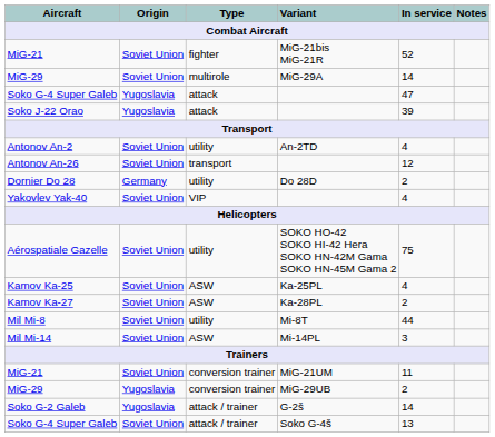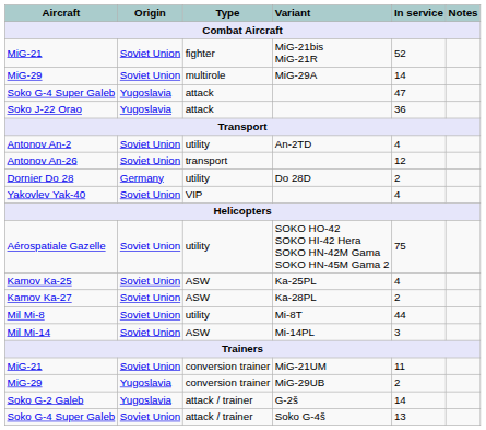 <table class="wikitable">
 <tr>
 <th style="text-align:center; background:#acc;">Aircraft</th>
 <th style="text-align: center; background:#acc;">Origin</th>
 <th style="text-align:l center; background:#acc;">Type</th>
 <th style="text-align:left; background:#acc;">Variant</th>
 <th style="text-align:center; background:#acc;">In service</th>
 <th style="text-align: center; background:#acc;">Notes</th>
 </tr>
 <tr>
 <th colspan="6" style="align: center; background: lavender;">Combat Aircraft</th>
 </tr>
 <tr>
 <td><a href='#'>MiG-21</a></td>
 <td><a href='#'>Soviet Union</a></td>
 <td>fighter</td>
 <td>MiG-21bis<br>MiG-21R</td>
 <td>52</td>
 <td></td>
 </tr>
 <tr>
 <td><a href='#'>MiG-29</a></td>
 <td><a href='#'>Soviet Union</a></td>
 <td>multirole</td>
 <td>MiG-29A</td>
 <td>14</td>
 <td></td>
 </tr>
 <tr>
 <td><a href='#'>Soko G-4 Super Galeb</a></td>
 <td><a href='#'>Yugoslavia</a></td>
 <td>attack</td>
 <td></td>
 <td>47</td>
 <td></td>
 </tr>
 <tr>
 <td><a href='#'>Soko J-22 Orao</a></td>
 <td><a href='#'>Yugoslavia</a></td>
 <td>attack</td>
 <td></td>
-<td>39</td>
+<td>36</td>
 <td></td>
 </tr>
 <tr>
 <th colspan="6" style="align: center; background: lavender;">Transport</th>
 </tr>
 <tr>
 <td><a href='#'>Antonov An-2</a></td>
 <td><a href='#'>Soviet Union</a></td>
 <td>utility</td>
 <td>An-2TD</td>
 <td>4</td>
 <td></td>
 </tr>
 <tr>
 <td><a href='#'>Antonov An-26</a></td>
 <td><a href='#'>Soviet Union</a></td>
 <td>transport</td>
 <td></td>
 <td>12</td>
 <td></td>
 </tr>
 <tr>
 <td><a href='#'>Dornier Do 28</a></td>
 <td><a href='#'>Germany</a></td>
 <td>utility</td>
 <td>Do 28D</td>
 <td>2</td>
 <td></td>
 </tr>
 <tr>
 <td><a href='#'>Yakovlev Yak-40</a></td>
 <td><a href='#'>Soviet Union</a></td>
 <td>VIP</td>
 <td></td>
 <td>4</td>
 <td></td>
 </tr>
 <tr>
 <th colspan="6" style="align: center; background: lavender;">Helicopters</th>
 </tr>
 <tr>
 <td><a href='#'>Aérospatiale Gazelle</a></td>
 <td><a href='#'>Soviet Union</a></td>
 <td>utility</td>
 <td>SOKO HO-42<br>SOKO HI-42 Hera<br>SOKO HN-42M Gama<br>SOKO HN-45M Gama 2</td>
 <td>75</td>
 <td></td>
 </tr>
 <tr>
 <td><a href='#'>Kamov Ka-25</a></td>
 <td><a href='#'>Soviet Union</a></td>
 <td>ASW</td>
 <td>Ka-25PL</td>
 <td>4</td>
 <td></td>
 </tr>
 <tr>
 <td><a href='#'>Kamov Ka-27</a></td>
 <td><a href='#'>Soviet Union</a></td>
 <td>ASW</td>
 <td>Ka-28PL</td>
 <td>2</td>
 <td></td>
 </tr>
 <tr>
 <td><a href='#'>Mil Mi-8</a></td>
 <td><a href='#'>Soviet Union</a></td>
 <td>utility</td>
 <td>Mi-8T</td>
 <td>44</td>
 <td></td>
 </tr>
 <tr>
 <td><a href='#'>Mil Mi-14</a></td>
 <td><a href='#'>Soviet Union</a></td>
 <td>ASW</td>
 <td>Mi-14PL</td>
 <td>3</td>
 <td></td>
 </tr>
 <tr>
 <th colspan="6" style="align: center; background: lavender;">Trainers</th>
 </tr>
 <tr>
 <td><a href='#'>MiG-21</a></td>
 <td><a href='#'>Soviet Union</a></td>
 <td>conversion trainer</td>
 <td>MiG-21UM</td>
 <td>11</td>
 <td></td>
 </tr>
 <tr>
 <td><a href='#'>MiG-29</a></td>
 <td><a href='#'>Yugoslavia</a></td>
 <td>conversion trainer</td>
 <td>MiG-29UB</td>
 <td>2</td>
 <td></td>
 </tr>
 <tr>
 <td><a href='#'>Soko G-2 Galeb</a></td>
 <td><a href='#'>Yugoslavia</a></td>
 <td>attack / trainer</td>
 <td>G-2š</td>
 <td>14</td>
 <td></td>
 </tr>
 <tr>
 <td><a href='#'>Soko G-4 Super Galeb</a></td>
 <td><a href='#'>Soviet Union</a></td>
 <td>attack / trainer</td>
 <td>Soko G-4š</td>
 <td>13</td>
 <td></td>
 </tr>
 </table>
